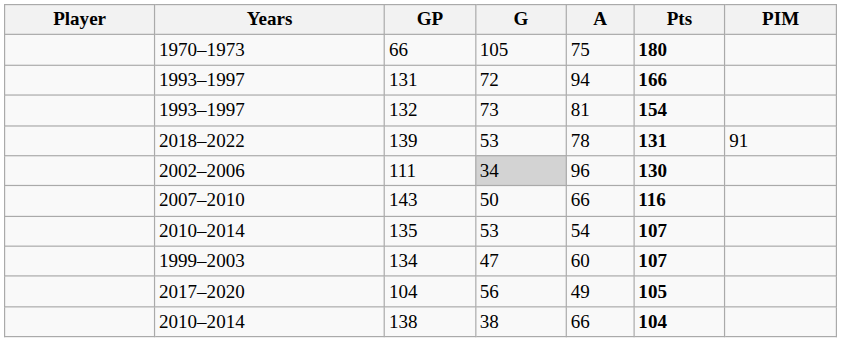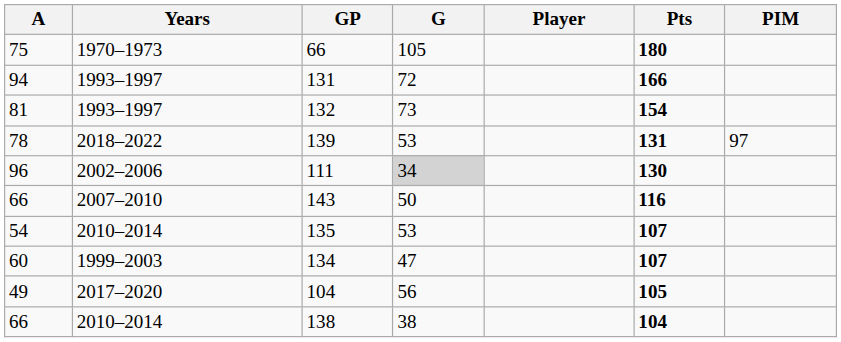 <table class="wikitable sortable" width ="700" cellpadding="1" border="1" cellspacing="0">
 <tr>
-<th>Player</th>
+<th>A</th>
 <th>Years</th>
 <th>GP</th>
 <th>G</th>
-<th>A</th>
+<th>Player</th>
 <th>Pts</th>
 <th>PIM</th>
 </tr>
 <tr>
-<td></td>
+<td>75</td>
 <td>1970–1973</td>
 <td>66</td>
 <td>105</td>
-<td>75</td>
+<td></td>
 <td><strong>180</strong></td>
 <td></td>
 </tr>
 <tr>
-<td></td>
+<td>94</td>
 <td>1993–1997</td>
 <td>131</td>
 <td>72</td>
-<td>94</td>
+<td></td>
 <td><strong>166</strong></td>
 <td></td>
 </tr>
 <tr>
-<td></td>
+<td>81</td>
 <td>1993–1997</td>
 <td>132</td>
 <td>73</td>
-<td>81</td>
+<td></td>
 <td><strong>154</strong></td>
 <td></td>
 </tr>
 <tr>
-<td></td>
+<td>78</td>
 <td>2018–2022</td>
 <td>139</td>
 <td>53</td>
-<td>78</td>
+<td></td>
 <td><strong>131</strong></td>
-<td>91</td>
+<td>97</td>
 </tr>
 <tr>
-<td></td>
+<td>96</td>
 <td>2002–2006</td>
 <td>111</td>
 <td style="background: lightgrey;">34</td>
-<td>96</td>
+<td></td>
 <td><strong>130</strong></td>
 <td></td>
 </tr>
 <tr>
-<td></td>
+<td>66</td>
 <td>2007–2010</td>
 <td>143</td>
 <td>50</td>
-<td>66</td>
+<td></td>
 <td><strong>116</strong></td>
 <td></td>
 </tr>
 <tr>
-<td></td>
+<td>54</td>
 <td>2010–2014</td>
 <td>135</td>
 <td>53</td>
-<td>54</td>
+<td></td>
 <td><strong>107</strong></td>
 <td></td>
 </tr>
 <tr>
-<td></td>
+<td>60</td>
 <td>1999–2003</td>
 <td>134</td>
 <td>47</td>
-<td>60</td>
+<td></td>
 <td><strong>107</strong></td>
 <td></td>
 </tr>
 <tr>
-<td></td>
+<td>49</td>
 <td>2017–2020</td>
 <td>104</td>
 <td>56</td>
-<td>49</td>
+<td></td>
 <td><strong>105</strong></td>
 <td></td>
 </tr>
 <tr>
-<td></td>
+<td>66</td>
 <td>2010–2014</td>
 <td>138</td>
 <td>38</td>
-<td>66</td>
+<td></td>
 <td><strong>104</strong></td>
 <td></td>
 </tr>
 </table>
